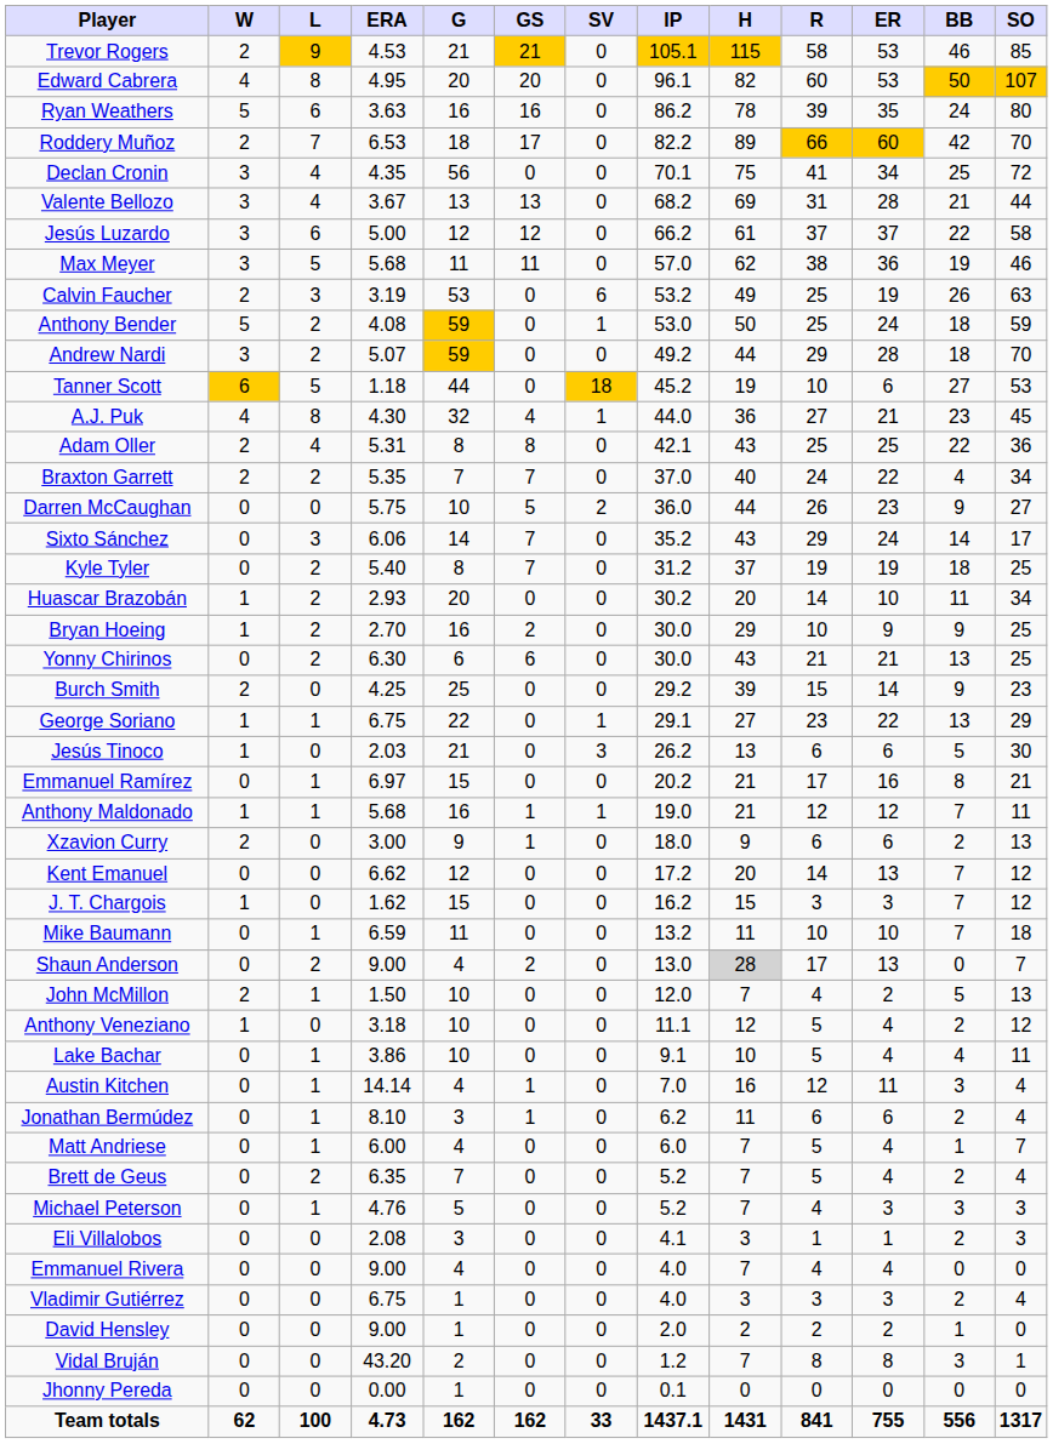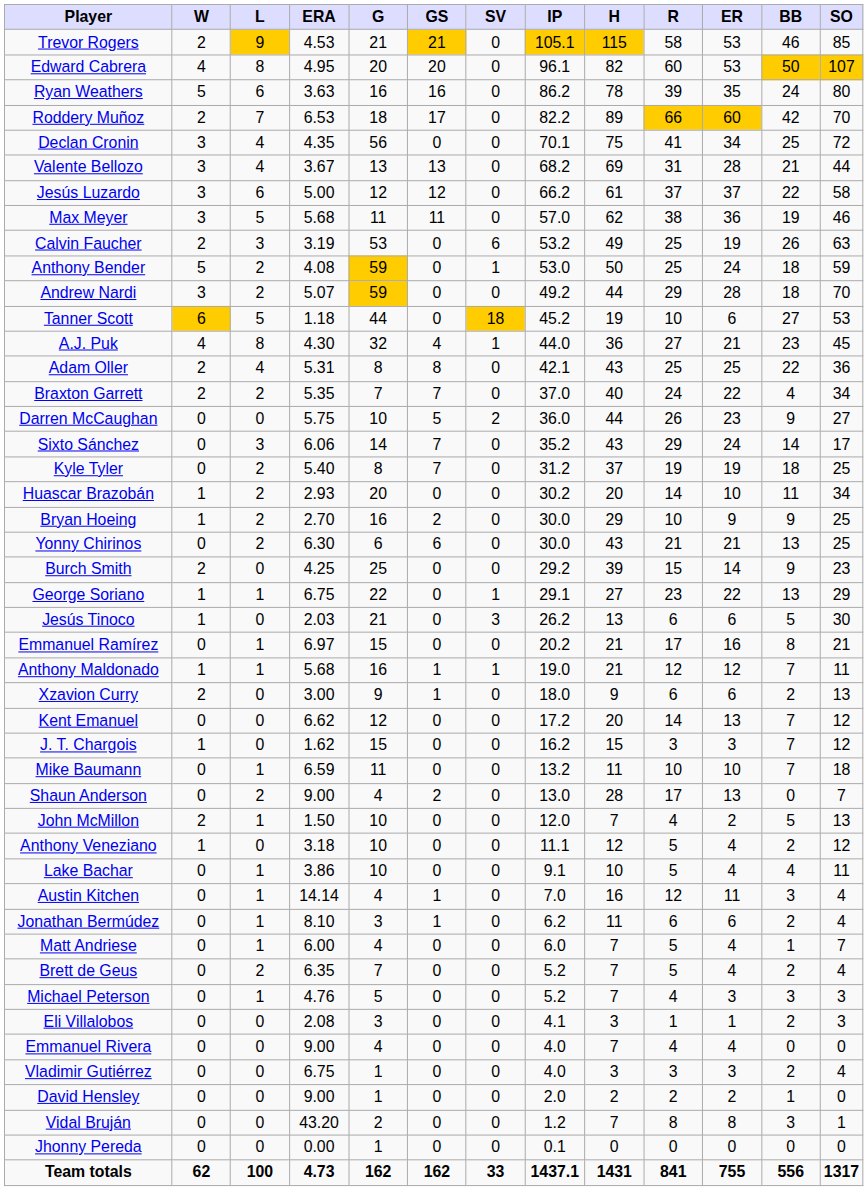 <table class="wikitable" style="text-align:center;">
 <tr>
 <th style="background:#ddf;width:20%;"><strong>Player</strong></th>
 <th style="background:#ddf;width:7%;"><strong>W</strong></th>
 <th style="background:#ddf;width:7%;"><strong>L</strong></th>
 <th style="background:#ddf;width:7%;"><strong>ERA</strong></th>
 <th style="background:#ddf;width:7%;"><strong>G</strong></th>
 <th style="background:#ddf;width:7%;"><strong>GS</strong></th>
 <th style="background:#ddf;width:7%;"><strong>SV</strong></th>
 <th style="background:#ddf;width:7%;"><strong>IP</strong></th>
 <th style="background:#ddf;width:7%;"><strong>H</strong></th>
 <th style="background:#ddf;width:7%;"><strong>R</strong></th>
 <th style="background:#ddf;width:7%;"><strong>ER</strong></th>
 <th style="background:#ddf;width:7%;"><strong>BB</strong></th>
 <th style="background:#ddf;width:7%;"><strong>SO</strong></th>
 </tr>
 <tr>
 <td><a href='#'>Trevor Rogers</a></td>
 <td>2</td>
 <td bgcolor=#ffcc00>9</td>
 <td>4.53</td>
 <td>21</td>
 <td bgcolor=#ffcc00>21</td>
 <td>0</td>
 <td bgcolor=#ffcc00>105.1</td>
 <td bgcolor=#ffcc00>115</td>
 <td>58</td>
 <td>53</td>
 <td>46</td>
 <td>85</td>
 </tr>
 <tr>
 <td><a href='#'>Edward Cabrera</a></td>
 <td>4</td>
 <td>8</td>
 <td>4.95</td>
 <td>20</td>
 <td>20</td>
 <td>0</td>
 <td>96.1</td>
 <td>82</td>
 <td>60</td>
 <td>53</td>
 <td bgcolor=#ffcc00>50</td>
 <td bgcolor=#ffcc00>107</td>
 </tr>
 <tr>
 <td><a href='#'>Ryan Weathers</a></td>
 <td>5</td>
 <td>6</td>
 <td>3.63</td>
 <td>16</td>
 <td>16</td>
 <td>0</td>
 <td>86.2</td>
 <td>78</td>
 <td>39</td>
 <td>35</td>
 <td>24</td>
 <td>80</td>
 </tr>
 <tr>
 <td><a href='#'>Roddery Muñoz</a></td>
 <td>2</td>
 <td>7</td>
 <td>6.53</td>
 <td>18</td>
 <td>17</td>
 <td>0</td>
 <td>82.2</td>
 <td>89</td>
 <td bgcolor=#ffcc00>66</td>
 <td bgcolor=#ffcc00>60</td>
 <td>42</td>
 <td>70</td>
 </tr>
 <tr>
 <td><a href='#'>Declan Cronin</a></td>
 <td>3</td>
 <td>4</td>
 <td>4.35</td>
 <td>56</td>
 <td>0</td>
 <td>0</td>
 <td>70.1</td>
 <td>75</td>
 <td>41</td>
 <td>34</td>
 <td>25</td>
 <td>72</td>
 </tr>
 <tr>
 <td><a href='#'>Valente Bellozo</a></td>
 <td>3</td>
 <td>4</td>
 <td>3.67</td>
 <td>13</td>
 <td>13</td>
 <td>0</td>
 <td>68.2</td>
 <td>69</td>
 <td>31</td>
 <td>28</td>
 <td>21</td>
 <td>44</td>
 </tr>
 <tr>
 <td><a href='#'>Jesús Luzardo</a></td>
 <td>3</td>
 <td>6</td>
 <td>5.00</td>
 <td>12</td>
 <td>12</td>
 <td>0</td>
 <td>66.2</td>
 <td>61</td>
 <td>37</td>
 <td>37</td>
 <td>22</td>
 <td>58</td>
 </tr>
 <tr>
 <td><a href='#'>Max Meyer</a></td>
 <td>3</td>
 <td>5</td>
 <td>5.68</td>
 <td>11</td>
 <td>11</td>
 <td>0</td>
 <td>57.0</td>
 <td>62</td>
 <td>38</td>
 <td>36</td>
 <td>19</td>
 <td>46</td>
 </tr>
 <tr>
 <td><a href='#'>Calvin Faucher</a></td>
 <td>2</td>
 <td>3</td>
 <td>3.19</td>
 <td>53</td>
 <td>0</td>
 <td>6</td>
 <td>53.2</td>
 <td>49</td>
 <td>25</td>
 <td>19</td>
 <td>26</td>
 <td>63</td>
 </tr>
 <tr>
 <td><a href='#'>Anthony Bender</a></td>
 <td>5</td>
 <td>2</td>
 <td>4.08</td>
 <td bgcolor=#ffcc00>59</td>
 <td>0</td>
 <td>1</td>
 <td>53.0</td>
 <td>50</td>
 <td>25</td>
 <td>24</td>
 <td>18</td>
 <td>59</td>
 </tr>
 <tr>
 <td><a href='#'>Andrew Nardi</a></td>
 <td>3</td>
 <td>2</td>
 <td>5.07</td>
 <td bgcolor=#ffcc00>59</td>
 <td>0</td>
 <td>0</td>
 <td>49.2</td>
 <td>44</td>
 <td>29</td>
 <td>28</td>
 <td>18</td>
 <td>70</td>
 </tr>
 <tr>
 <td><a href='#'>Tanner Scott</a></td>
 <td bgcolor=#ffcc00>6</td>
 <td>5</td>
 <td>1.18</td>
 <td>44</td>
 <td>0</td>
 <td bgcolor=#ffcc00>18</td>
 <td>45.2</td>
 <td>19</td>
 <td>10</td>
 <td>6</td>
 <td>27</td>
 <td>53</td>
 </tr>
 <tr>
 <td><a href='#'>A.J. Puk</a></td>
 <td>4</td>
 <td>8</td>
 <td>4.30</td>
 <td>32</td>
 <td>4</td>
 <td>1</td>
 <td>44.0</td>
 <td>36</td>
 <td>27</td>
 <td>21</td>
 <td>23</td>
 <td>45</td>
 </tr>
 <tr>
 <td><a href='#'>Adam Oller</a></td>
 <td>2</td>
 <td>4</td>
 <td>5.31</td>
 <td>8</td>
 <td>8</td>
 <td>0</td>
 <td>42.1</td>
 <td>43</td>
 <td>25</td>
 <td>25</td>
 <td>22</td>
 <td>36</td>
 </tr>
 <tr>
 <td><a href='#'>Braxton Garrett</a></td>
 <td>2</td>
 <td>2</td>
 <td>5.35</td>
 <td>7</td>
 <td>7</td>
 <td>0</td>
 <td>37.0</td>
 <td>40</td>
 <td>24</td>
 <td>22</td>
 <td>4</td>
 <td>34</td>
 </tr>
 <tr>
 <td><a href='#'>Darren McCaughan</a></td>
 <td>0</td>
 <td>0</td>
 <td>5.75</td>
 <td>10</td>
 <td>5</td>
 <td>2</td>
 <td>36.0</td>
 <td>44</td>
 <td>26</td>
 <td>23</td>
 <td>9</td>
 <td>27</td>
 </tr>
 <tr>
 <td><a href='#'>Sixto Sánchez</a></td>
 <td>0</td>
 <td>3</td>
 <td>6.06</td>
 <td>14</td>
 <td>7</td>
 <td>0</td>
 <td>35.2</td>
 <td>43</td>
 <td>29</td>
 <td>24</td>
 <td>14</td>
 <td>17</td>
 </tr>
 <tr>
 <td><a href='#'>Kyle Tyler</a></td>
 <td>0</td>
 <td>2</td>
 <td>5.40</td>
 <td>8</td>
 <td>7</td>
 <td>0</td>
 <td>31.2</td>
 <td>37</td>
 <td>19</td>
 <td>19</td>
 <td>18</td>
 <td>25</td>
 </tr>
 <tr>
 <td><a href='#'>Huascar Brazobán</a></td>
 <td>1</td>
 <td>2</td>
 <td>2.93</td>
 <td>20</td>
 <td>0</td>
 <td>0</td>
 <td>30.2</td>
 <td>20</td>
 <td>14</td>
 <td>10</td>
 <td>11</td>
 <td>34</td>
 </tr>
 <tr>
 <td><a href='#'>Bryan Hoeing</a></td>
 <td>1</td>
 <td>2</td>
 <td>2.70</td>
 <td>16</td>
 <td>2</td>
 <td>0</td>
 <td>30.0</td>
 <td>29</td>
 <td>10</td>
 <td>9</td>
 <td>9</td>
 <td>25</td>
 </tr>
 <tr>
 <td><a href='#'>Yonny Chirinos</a></td>
 <td>0</td>
 <td>2</td>
 <td>6.30</td>
 <td>6</td>
 <td>6</td>
 <td>0</td>
 <td>30.0</td>
 <td>43</td>
 <td>21</td>
 <td>21</td>
 <td>13</td>
 <td>25</td>
 </tr>
 <tr>
 <td><a href='#'>Burch Smith</a></td>
 <td>2</td>
 <td>0</td>
 <td>4.25</td>
 <td>25</td>
 <td>0</td>
 <td>0</td>
 <td>29.2</td>
 <td>39</td>
 <td>15</td>
 <td>14</td>
 <td>9</td>
 <td>23</td>
 </tr>
 <tr>
 <td><a href='#'>George Soriano</a></td>
 <td>1</td>
 <td>1</td>
 <td>6.75</td>
 <td>22</td>
 <td>0</td>
 <td>1</td>
 <td>29.1</td>
 <td>27</td>
 <td>23</td>
 <td>22</td>
 <td>13</td>
 <td>29</td>
 </tr>
 <tr>
 <td><a href='#'>Jesús Tinoco</a></td>
 <td>1</td>
 <td>0</td>
 <td>2.03</td>
 <td>21</td>
 <td>0</td>
 <td>3</td>
 <td>26.2</td>
 <td>13</td>
 <td>6</td>
 <td>6</td>
 <td>5</td>
 <td>30</td>
 </tr>
 <tr>
 <td><a href='#'>Emmanuel Ramírez</a></td>
 <td>0</td>
 <td>1</td>
 <td>6.97</td>
 <td>15</td>
 <td>0</td>
 <td>0</td>
 <td>20.2</td>
 <td>21</td>
 <td>17</td>
 <td>16</td>
 <td>8</td>
 <td>21</td>
 </tr>
 <tr>
 <td><a href='#'>Anthony Maldonado</a></td>
 <td>1</td>
 <td>1</td>
 <td>5.68</td>
 <td>16</td>
 <td>1</td>
 <td>1</td>
 <td>19.0</td>
 <td>21</td>
 <td>12</td>
 <td>12</td>
 <td>7</td>
 <td>11</td>
 </tr>
 <tr>
 <td><a href='#'>Xzavion Curry</a></td>
 <td>2</td>
 <td>0</td>
 <td>3.00</td>
 <td>9</td>
 <td>1</td>
 <td>0</td>
 <td>18.0</td>
 <td>9</td>
 <td>6</td>
 <td>6</td>
 <td>2</td>
 <td>13</td>
 </tr>
 <tr>
 <td><a href='#'>Kent Emanuel</a></td>
 <td>0</td>
 <td>0</td>
 <td>6.62</td>
 <td>12</td>
 <td>0</td>
 <td>0</td>
 <td>17.2</td>
 <td>20</td>
 <td>14</td>
 <td>13</td>
 <td>7</td>
 <td>12</td>
 </tr>
 <tr>
 <td><a href='#'>J. T. Chargois</a></td>
 <td>1</td>
 <td>0</td>
 <td>1.62</td>
 <td>15</td>
 <td>0</td>
 <td>0</td>
 <td>16.2</td>
 <td>15</td>
 <td>3</td>
 <td>3</td>
 <td>7</td>
 <td>12</td>
 </tr>
 <tr>
 <td><a href='#'>Mike Baumann</a></td>
 <td>0</td>
 <td>1</td>
 <td>6.59</td>
 <td>11</td>
 <td>0</td>
 <td>0</td>
 <td>13.2</td>
 <td>11</td>
 <td>10</td>
 <td>10</td>
 <td>7</td>
 <td>18</td>
 </tr>
 <tr>
 <td><a href='#'>Shaun Anderson</a></td>
 <td>0</td>
 <td>2</td>
 <td>9.00</td>
 <td>4</td>
 <td>2</td>
 <td>0</td>
 <td>13.0</td>
-<td style="background: lightgrey;">28</td>
+<td>28</td>
 <td>17</td>
 <td>13</td>
 <td>0</td>
 <td>7</td>
 </tr>
 <tr>
 <td><a href='#'>John McMillon</a></td>
 <td>2</td>
 <td>1</td>
 <td>1.50</td>
 <td>10</td>
 <td>0</td>
 <td>0</td>
 <td>12.0</td>
 <td>7</td>
 <td>4</td>
 <td>2</td>
 <td>5</td>
 <td>13</td>
 </tr>
 <tr>
 <td><a href='#'>Anthony Veneziano</a></td>
 <td>1</td>
 <td>0</td>
 <td>3.18</td>
 <td>10</td>
 <td>0</td>
 <td>0</td>
 <td>11.1</td>
 <td>12</td>
 <td>5</td>
 <td>4</td>
 <td>2</td>
 <td>12</td>
 </tr>
 <tr>
 <td><a href='#'>Lake Bachar</a></td>
 <td>0</td>
 <td>1</td>
 <td>3.86</td>
 <td>10</td>
 <td>0</td>
 <td>0</td>
 <td>9.1</td>
 <td>10</td>
 <td>5</td>
 <td>4</td>
 <td>4</td>
 <td>11</td>
 </tr>
 <tr>
 <td><a href='#'>Austin Kitchen</a></td>
 <td>0</td>
 <td>1</td>
 <td>14.14</td>
 <td>4</td>
 <td>1</td>
 <td>0</td>
 <td>7.0</td>
 <td>16</td>
 <td>12</td>
 <td>11</td>
 <td>3</td>
 <td>4</td>
 </tr>
 <tr>
 <td><a href='#'>Jonathan Bermúdez</a></td>
 <td>0</td>
 <td>1</td>
 <td>8.10</td>
 <td>3</td>
 <td>1</td>
 <td>0</td>
 <td>6.2</td>
 <td>11</td>
 <td>6</td>
 <td>6</td>
 <td>2</td>
 <td>4</td>
 </tr>
 <tr>
 <td><a href='#'>Matt Andriese</a></td>
 <td>0</td>
 <td>1</td>
 <td>6.00</td>
 <td>4</td>
 <td>0</td>
 <td>0</td>
 <td>6.0</td>
 <td>7</td>
 <td>5</td>
 <td>4</td>
 <td>1</td>
 <td>7</td>
 </tr>
 <tr>
 <td><a href='#'>Brett de Geus</a></td>
 <td>0</td>
 <td>2</td>
 <td>6.35</td>
 <td>7</td>
 <td>0</td>
 <td>0</td>
 <td>5.2</td>
 <td>7</td>
 <td>5</td>
 <td>4</td>
 <td>2</td>
 <td>4</td>
 </tr>
 <tr>
 <td><a href='#'>Michael Peterson</a></td>
 <td>0</td>
 <td>1</td>
 <td>4.76</td>
 <td>5</td>
 <td>0</td>
 <td>0</td>
 <td>5.2</td>
 <td>7</td>
 <td>4</td>
 <td>3</td>
 <td>3</td>
 <td>3</td>
 </tr>
 <tr>
 <td><a href='#'>Eli Villalobos</a></td>
 <td>0</td>
 <td>0</td>
 <td>2.08</td>
 <td>3</td>
 <td>0</td>
 <td>0</td>
 <td>4.1</td>
 <td>3</td>
 <td>1</td>
 <td>1</td>
 <td>2</td>
 <td>3</td>
 </tr>
 <tr>
 <td><a href='#'>Emmanuel Rivera</a></td>
 <td>0</td>
 <td>0</td>
 <td>9.00</td>
 <td>4</td>
 <td>0</td>
 <td>0</td>
 <td>4.0</td>
 <td>7</td>
 <td>4</td>
 <td>4</td>
 <td>0</td>
 <td>0</td>
 </tr>
 <tr>
 <td><a href='#'>Vladimir Gutiérrez</a></td>
 <td>0</td>
 <td>0</td>
 <td>6.75</td>
 <td>1</td>
 <td>0</td>
 <td>0</td>
 <td>4.0</td>
 <td>3</td>
 <td>3</td>
 <td>3</td>
 <td>2</td>
 <td>4</td>
 </tr>
 <tr>
 <td><a href='#'>David Hensley</a></td>
 <td>0</td>
 <td>0</td>
 <td>9.00</td>
 <td>1</td>
 <td>0</td>
 <td>0</td>
 <td>2.0</td>
 <td>2</td>
 <td>2</td>
 <td>2</td>
 <td>1</td>
 <td>0</td>
 </tr>
 <tr>
 <td><a href='#'>Vidal Bruján</a></td>
 <td>0</td>
 <td>0</td>
 <td>43.20</td>
 <td>2</td>
 <td>0</td>
 <td>0</td>
 <td>1.2</td>
 <td>7</td>
 <td>8</td>
 <td>8</td>
 <td>3</td>
 <td>1</td>
 </tr>
 <tr>
 <td><a href='#'>Jhonny Pereda</a></td>
 <td>0</td>
 <td>0</td>
 <td>0.00</td>
 <td>1</td>
 <td>0</td>
 <td>0</td>
 <td>0.1</td>
 <td>0</td>
 <td>0</td>
 <td>0</td>
 <td>0</td>
 <td>0</td>
 </tr>
 <tr>
 <td><strong>Team totals</strong></td>
 <td><strong>62</strong></td>
 <td><strong>100</strong></td>
 <td><strong>4.73</strong></td>
 <td><strong>162</strong></td>
 <td><strong>162</strong></td>
 <td><strong>33</strong></td>
 <td><strong>1437.1</strong></td>
 <td><strong>1431</strong></td>
 <td><strong>841</strong></td>
 <td><strong>755</strong></td>
 <td><strong>556</strong></td>
 <td><strong>1317</strong></td>
 </tr>
 </table>
